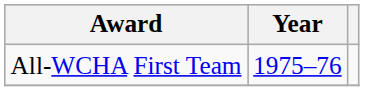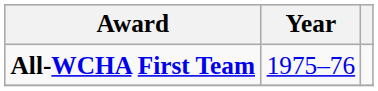 <table class="wikitable">
 <tr>
 <th>Award</th>
 <th>Year</th>
 <th></th>
 </tr>
 <tr>
-<td>All-<a href='#'>WCHA</a> <a href='#'>First Team</a></td>
+<td><strong>All-<a href='#'>WCHA</a> <a href='#'>First Team</a></strong></td>
 <td><a href='#'>1975–76</a></td>
 <td></td>
 </tr>
 <tr>
 </tr>
 </table>
